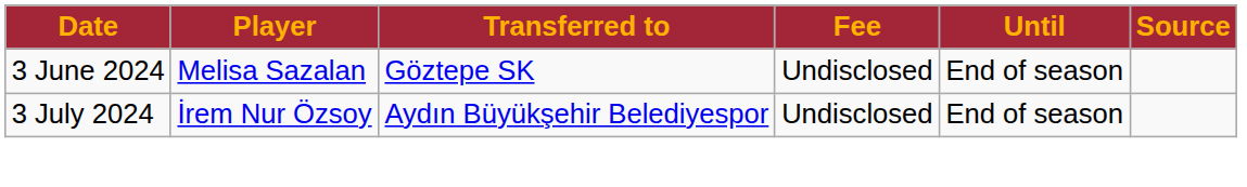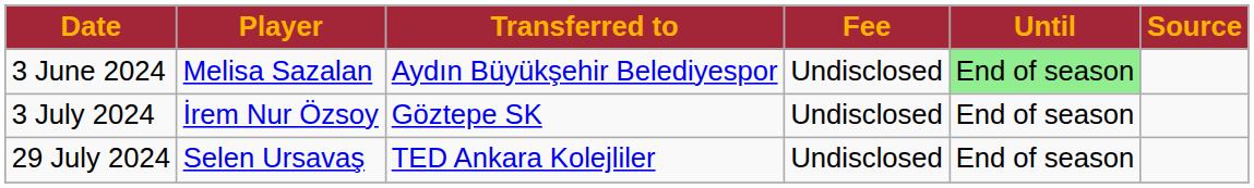 <table class="wikitable plainrowheaders sortable">
 <tr>
 <th style="background:#A32638; color:#FFB300; ">Date</th>
 <th style="background:#A32638; color:#FFB300; ">Player</th>
 <th style="background:#A32638; color:#FFB300; ">Transferred to</th>
 <th style="background:#A32638; color:#FFB300; ">Fee</th>
 <th style="background:#A32638; color:#FFB300; ">Until</th>
 <th style="background:#A32638; color:#FFB300; ">Source</th>
 </tr>
 <tr>
 <td>3 June 2024</td>
 <td align=left> <a href='#'>Melisa Sazalan</a></td>
+<td align=left> <a href='#'>Aydın Büyükşehir Belediyespor</a></td>
+<td>Undisclosed</td>
+<td style="background: lightgreen;">End of season</td>
+<td></td>
+</tr>
+<tr>
+<td>3 July 2024</td>
+<td align=left> <a href='#'>İrem Nur Özsoy</a></td>
 <td align=left> <a href='#'>Göztepe SK</a></td>
 <td>Undisclosed</td>
 <td>End of season</td>
 <td></td>
 </tr>
 <tr>
-<td>3 July 2024</td>
-<td align=left> <a href='#'>İrem Nur Özsoy</a></td>
-<td align=left> <a href='#'>Aydın Büyükşehir Belediyespor</a></td>
+<td>29 July 2024</td>
+<td align=left> <a href='#'>Selen Ursavaş</a></td>
+<td align=left> <a href='#'>TED Ankara Kolejliler</a></td>
 <td>Undisclosed</td>
 <td>End of season</td>
 <td></td>
 </tr>
 </table>
